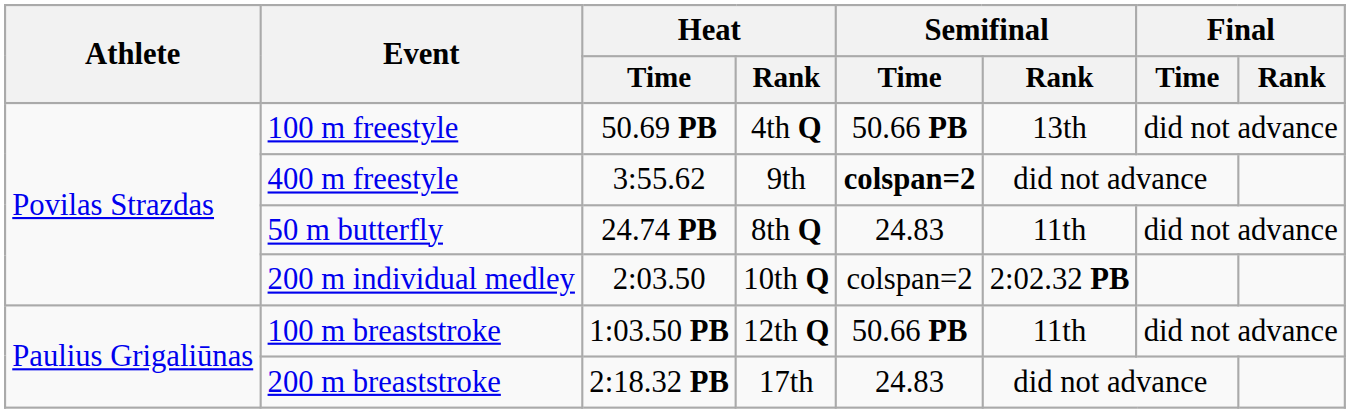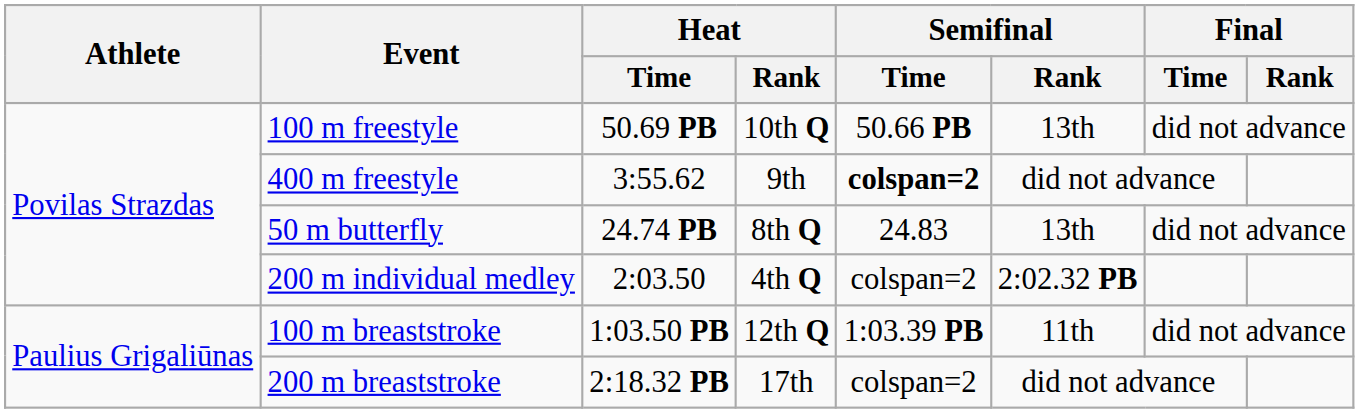 <table class=wikitable style="font-size:90%">
 <tr>
 <th rowspan=2>Athlete</th>
 <th rowspan=2>Event</th>
 <th colspan="2">Heat</th>
 <th colspan="2">Semifinal</th>
 <th colspan="2">Final</th>
 </tr>
 <tr style="font-size:95%">
 <th>Time</th>
 <th>Rank</th>
 <th>Time</th>
 <th>Rank</th>
 <th>Time</th>
 <th>Rank</th>
 </tr>
 <tr align=center>
 <td align=left rowspan=4><a href='#'>Povilas Strazdas</a></td>
 <td align=left><a href='#'>100 m freestyle</a></td>
 <td>50.69 <strong>PB</strong></td>
-<td>4th <strong>Q</strong></td>
+<td>10th <strong>Q</strong></td>
 <td>50.66 <strong>PB</strong></td>
 <td>13th</td>
 <td colspan=2>did not advance</td>
 </tr>
 <tr align=center>
 <td align=left><a href='#'>400 m freestyle</a></td>
 <td>3:55.62</td>
 <td>9th</td>
 <td><strong>colspan=2 </strong></td>
 <td colspan=2>did not advance</td>
 </tr>
 <tr align=center>
 <td align=left><a href='#'>50 m butterfly</a></td>
 <td>24.74 <strong>PB</strong></td>
 <td>8th <strong>Q</strong></td>
 <td>24.83</td>
-<td>11th</td>
+<td>13th</td>
 <td colspan=2>did not advance</td>
 </tr>
 <tr align=center>
 <td align=left><a href='#'>200 m individual medley</a></td>
 <td>2:03.50</td>
-<td>10th <strong>Q</strong></td>
+<td>4th <strong>Q</strong></td>
 <td>colspan=2 </td>
 <td>2:02.32 <strong>PB</strong></td>
 <td></td>
 </tr>
 <tr align=center>
 <td align=left rowspan=2><a href='#'>Paulius Grigaliūnas</a></td>
 <td align=left><a href='#'>100 m breaststroke</a></td>
 <td>1:03.50 <strong>PB</strong></td>
 <td>12th <strong>Q</strong></td>
-<td>50.66 <strong>PB</strong></td>
+<td>1:03.39 <strong>PB</strong></td>
 <td>11th</td>
 <td colspan=2>did not advance</td>
 </tr>
 <tr align=center>
 <td align=left><a href='#'>200 m breaststroke</a></td>
 <td>2:18.32 <strong>PB</strong></td>
 <td>17th</td>
-<td>24.83</td>
+<td>colspan=2 </td>
 <td colspan=2>did not advance</td>
 </tr>
 </table>
